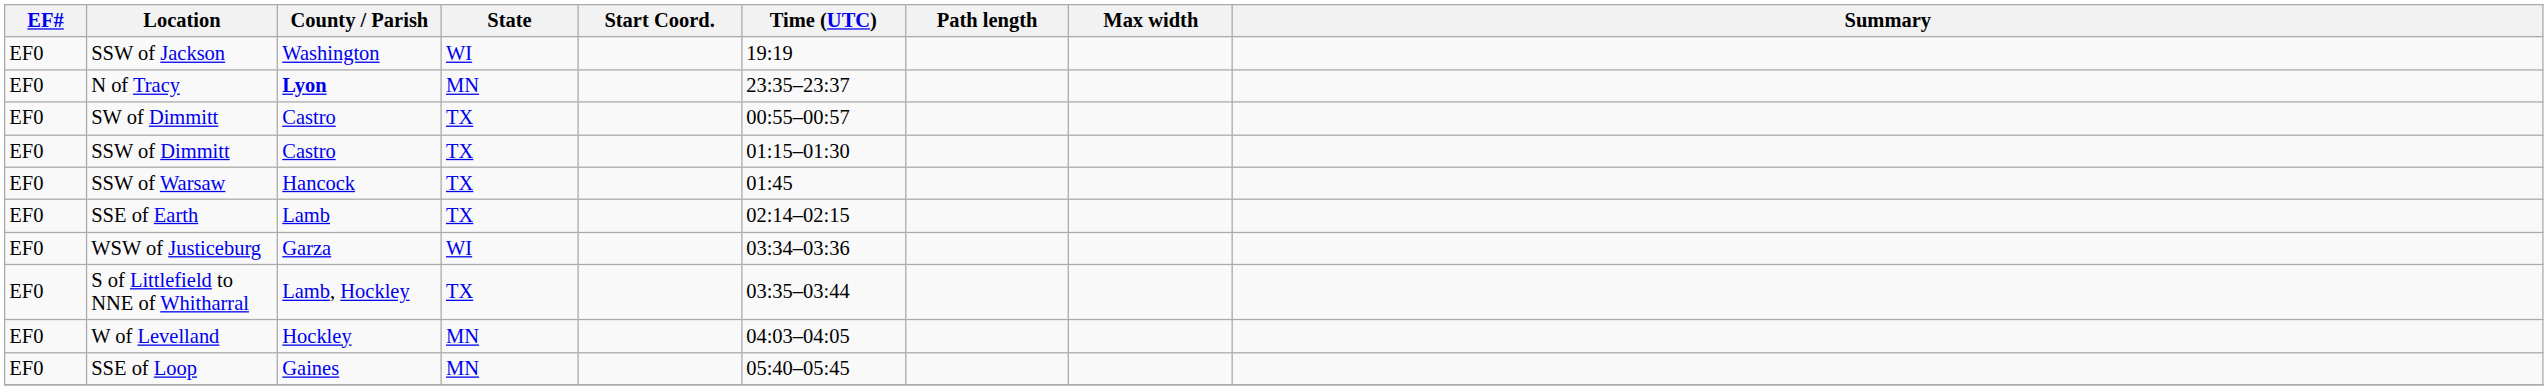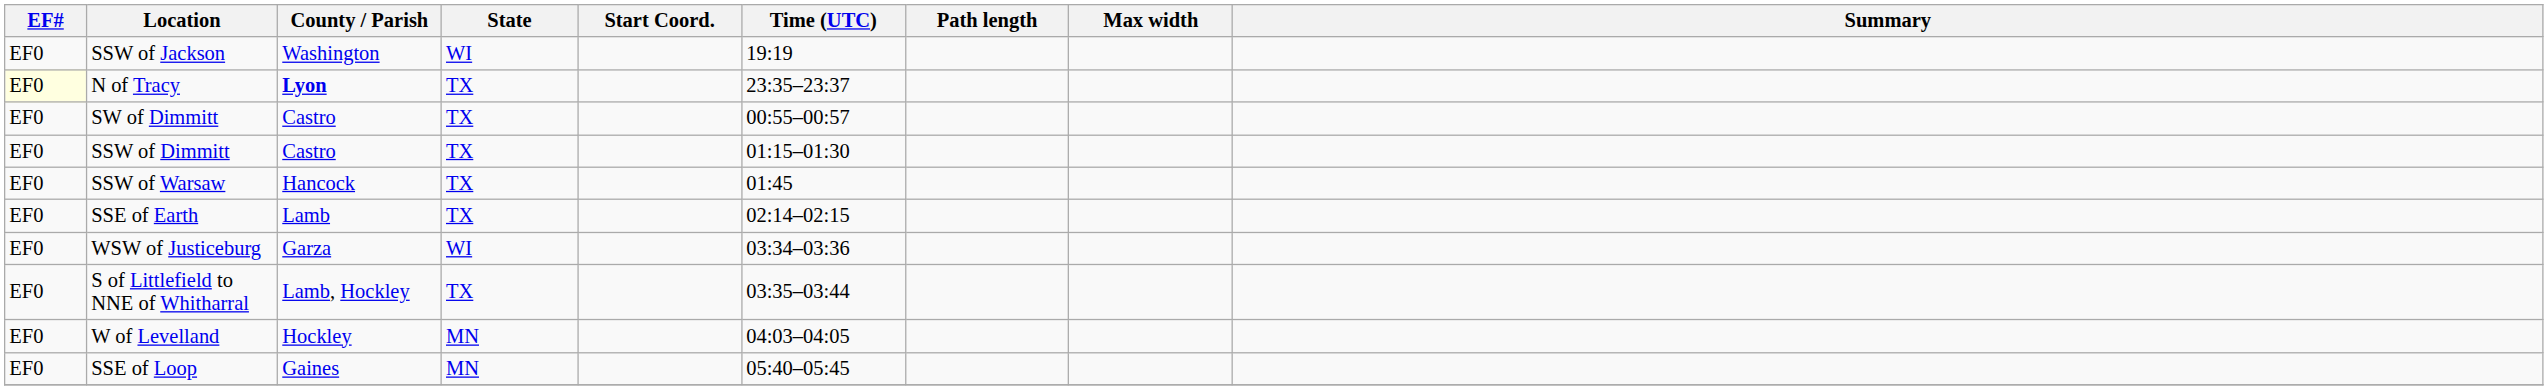 <table class="wikitable sortable" style="width:100%;">
 <tr>
 <th scope="col"  style="width:3%; text-align:center;"><a href='#'>EF#</a></th>
 <th scope="col"  style="width:7%; text-align:center;" class="unsortable">Location</th>
 <th scope="col"  style="width:6%; text-align:center;" class="unsortable">County / Parish</th>
 <th scope="col"  style="width:5%; text-align:center;">State</th>
 <th scope="col"  style="width:6%; text-align:center;">Start Coord.</th>
 <th scope="col"  style="width:6%; text-align:center;">Time (<a href='#'>UTC</a>)</th>
 <th scope="col"  style="width:6%; text-align:center;">Path length</th>
 <th scope="col"  style="width:6%; text-align:center;">Max width</th>
 <th scope="col" class="unsortable" style="width:48%; text-align:center;">Summary</th>
 </tr>
 <tr>
 <td>EF0</td>
 <td>SSW of <a href='#'>Jackson</a></td>
 <td><a href='#'>Washington</a></td>
 <td><a href='#'>WI</a></td>
 <td></td>
 <td>19:19</td>
 <td></td>
 <td></td>
 <td></td>
 </tr>
 <tr>
-<td>EF0</td>
+<td style="background: lightyellow;">EF0</td>
 <td>N of <a href='#'>Tracy</a></td>
 <td><strong><a href='#'>Lyon</a></strong></td>
-<td><a href='#'>MN</a></td>
+<td><a href='#'>TX</a></td>
 <td></td>
 <td>23:35–23:37</td>
 <td></td>
 <td></td>
 <td></td>
 </tr>
 <tr>
 <td>EF0</td>
 <td>SW of <a href='#'>Dimmitt</a></td>
 <td><a href='#'>Castro</a></td>
 <td><a href='#'>TX</a></td>
 <td></td>
 <td>00:55–00:57</td>
 <td></td>
 <td></td>
 <td></td>
 </tr>
 <tr>
 <td>EF0</td>
 <td>SSW of <a href='#'>Dimmitt</a></td>
 <td><a href='#'>Castro</a></td>
 <td><a href='#'>TX</a></td>
 <td></td>
 <td>01:15–01:30</td>
 <td></td>
 <td></td>
 <td></td>
 </tr>
 <tr>
 <td>EF0</td>
 <td>SSW of <a href='#'>Warsaw</a></td>
 <td><a href='#'>Hancock</a></td>
 <td><a href='#'>TX</a></td>
 <td></td>
 <td>01:45</td>
 <td></td>
 <td></td>
 <td></td>
 </tr>
 <tr>
 <td>EF0</td>
 <td>SSE of <a href='#'>Earth</a></td>
 <td><a href='#'>Lamb</a></td>
 <td><a href='#'>TX</a></td>
 <td></td>
 <td>02:14–02:15</td>
 <td></td>
 <td></td>
 <td></td>
 </tr>
 <tr>
 <td>EF0</td>
 <td>WSW of <a href='#'>Justiceburg</a></td>
 <td><a href='#'>Garza</a></td>
 <td><a href='#'>WI</a></td>
 <td></td>
 <td>03:34–03:36</td>
 <td></td>
 <td></td>
 <td></td>
 </tr>
 <tr>
 <td>EF0</td>
 <td>S of <a href='#'>Littlefield</a> to NNE of <a href='#'>Whitharral</a></td>
 <td><a href='#'>Lamb</a>, <a href='#'>Hockley</a></td>
 <td><a href='#'>TX</a></td>
 <td></td>
 <td>03:35–03:44</td>
 <td></td>
 <td></td>
 <td></td>
 </tr>
 <tr>
 <td>EF0</td>
 <td>W of <a href='#'>Levelland</a></td>
 <td><a href='#'>Hockley</a></td>
 <td><a href='#'>MN</a></td>
 <td></td>
 <td>04:03–04:05</td>
 <td></td>
 <td></td>
 <td></td>
 </tr>
 <tr>
 <td>EF0</td>
 <td>SSE of <a href='#'>Loop</a></td>
 <td><a href='#'>Gaines</a></td>
 <td><a href='#'>MN</a></td>
 <td></td>
 <td>05:40–05:45</td>
 <td></td>
 <td></td>
 <td></td>
 </tr>
 <tr>
 </tr>
 </table>
